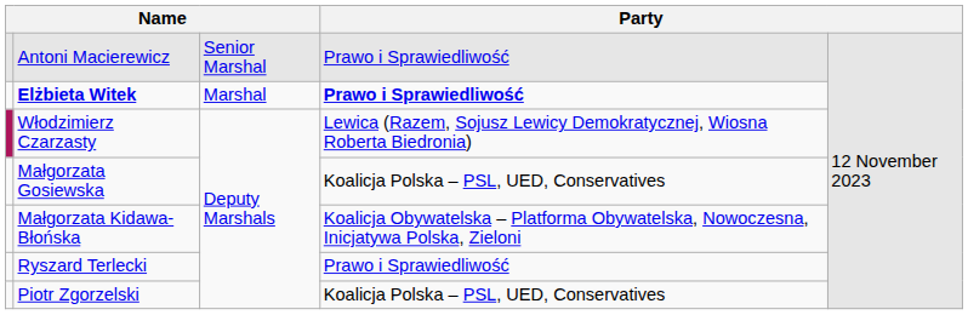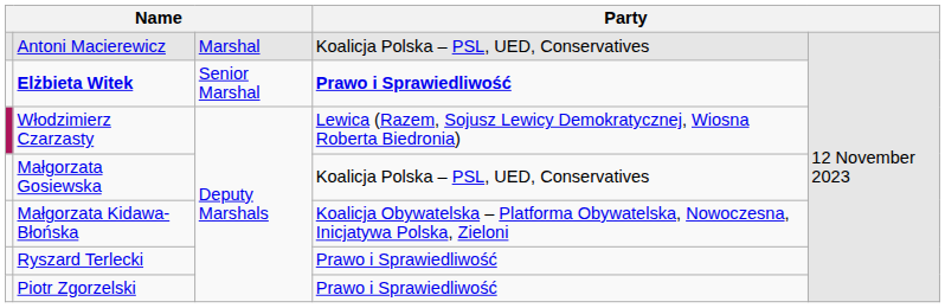 <table class="wikitable">
 <tr>
 <th colspan="3">Name</th>
 <th colspan="2">Party</th>
 </tr>
 <tr style="background: #E6E6E6;">
 <td style="background:"></td>
 <td><a href='#'>Antoni Macierewicz</a></td>
-<td><a href='#'>Senior Marshal</a></td>
-<td><a href='#'>Prawo i Sprawiedliwość</a></td>
+<td><a href='#'>Marshal</a></td>
+<td>Koalicja Polska – <a href='#'>PSL</a>, UED, Conservatives</td>
 <td rowspan="7">12 November 2023</td>
 </tr>
 <tr>
 <td style="background:"></td>
 <td><strong><a href='#'>Elżbieta Witek</a></strong></td>
-<td><a href='#'>Marshal</a></td>
+<td><a href='#'>Senior Marshal</a></td>
 <td><strong><a href='#'>Prawo i Sprawiedliwość</a></strong></td>
 </tr>
 <tr>
 <td style="background: #ac145a;"></td>
 <td><a href='#'>Włodzimierz Czarzasty</a></td>
 <td rowspan="5"><a href='#'>Deputy Marshals</a></td>
 <td><a href='#'>Lewica</a> (<a href='#'>Razem</a>, <a href='#'>Sojusz Lewicy Demokratycznej</a>, <a href='#'>Wiosna Roberta Biedronia</a>)</td>
 </tr>
 <tr>
 <td style="background:"></td>
 <td><a href='#'>Małgorzata Gosiewska</a></td>
 <td>Koalicja Polska – <a href='#'>PSL</a>, UED, Conservatives</td>
 </tr>
 <tr>
 <td style="background:"></td>
 <td><a href='#'>Małgorzata Kidawa-Błońska</a></td>
 <td><a href='#'>Koalicja Obywatelska</a> – <a href='#'>Platforma Obywatelska</a>, <a href='#'>Nowoczesna</a>, <a href='#'>Inicjatywa Polska</a>, <a href='#'>Zieloni</a></td>
 </tr>
 <tr>
 <td style="background:"></td>
 <td><a href='#'>Ryszard Terlecki</a></td>
 <td><a href='#'>Prawo i Sprawiedliwość</a></td>
 </tr>
 <tr>
 <td style="background:"></td>
 <td><a href='#'>Piotr Zgorzelski</a></td>
-<td>Koalicja Polska – <a href='#'>PSL</a>, UED, Conservatives</td>
+<td><a href='#'>Prawo i Sprawiedliwość</a></td>
 </tr>
 </table>
